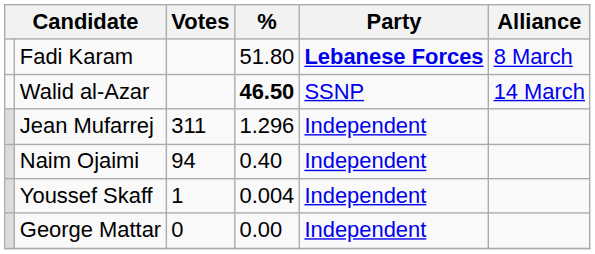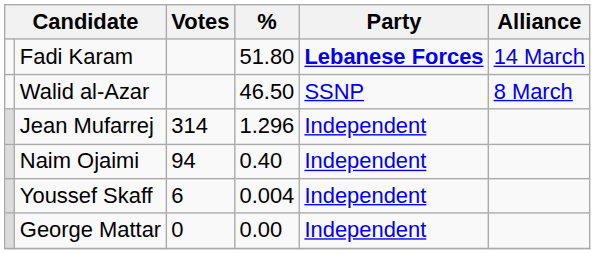 <table class="wikitable sortable" style=text-align:left>
 <tr>
 <th colspan=2>Candidate</th>
 <th>Votes</th>
 <th>%</th>
 <th>Party</th>
 <th>Alliance</th>
 </tr>
 <tr>
 <td></td>
 <td>Fadi Karam</td>
 <td></td>
 <td>51.80</td>
 <td><strong><a href='#'>Lebanese Forces</a></strong></td>
-<td><a href='#'>8 March</a></td>
+<td><a href='#'>14 March</a></td>
 </tr>
 <tr>
 <td></td>
 <td>Walid al-Azar</td>
 <td></td>
-<td><strong>46.50</strong></td>
+<td>46.50</td>
 <td><a href='#'>SSNP</a></td>
-<td><a href='#'>14 March</a></td>
+<td><a href='#'>8 March</a></td>
 </tr>
 <tr>
 <td bgcolor="#DCDCDC"></td>
 <td>Jean Mufarrej</td>
-<td>311</td>
+<td>314</td>
 <td>1.296</td>
 <td><a href='#'>Independent</a></td>
 <td></td>
 </tr>
 <tr>
 <td bgcolor="#DCDCDC"></td>
 <td>Naim Ojaimi</td>
 <td>94</td>
 <td>0.40</td>
 <td><a href='#'>Independent</a></td>
 <td></td>
 </tr>
 <tr>
 <td bgcolor="#DCDCDC"></td>
 <td>Youssef Skaff</td>
-<td>1</td>
+<td>6</td>
 <td>0.004</td>
 <td><a href='#'>Independent</a></td>
 <td></td>
 </tr>
 <tr>
 <td bgcolor="#DCDCDC"></td>
 <td>George Mattar</td>
 <td>0</td>
 <td>0.00</td>
 <td><a href='#'>Independent</a></td>
 <td></td>
 </tr>
 <tr>
 </tr>
 </table>
